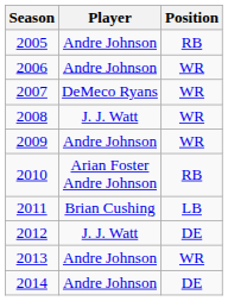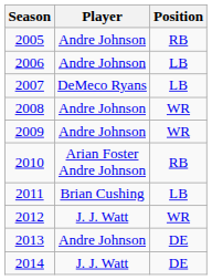 <table class="wikitable" style="text-align:center">
 <tr bgcolor="#efefef">
 <th>Season</th>
 <th>Player</th>
 <th>Position</th>
 </tr>
 <tr>
 <td><a href='#'>2005</a></td>
 <td><a href='#'>Andre Johnson</a></td>
 <td><a href='#'>RB</a></td>
 </tr>
 <tr>
 <td><a href='#'>2006</a></td>
 <td><a href='#'>Andre Johnson</a></td>
-<td><a href='#'>WR</a></td>
+<td><a href='#'>LB</a></td>
 </tr>
 <tr>
 <td><a href='#'>2007</a></td>
 <td><a href='#'>DeMeco Ryans</a></td>
-<td><a href='#'>WR</a></td>
+<td><a href='#'>LB</a></td>
 </tr>
 <tr>
 <td><a href='#'>2008</a></td>
-<td><a href='#'>J. J. Watt</a></td>
+<td><a href='#'>Andre Johnson</a></td>
 <td><a href='#'>WR</a></td>
 </tr>
 <tr>
 <td><a href='#'>2009</a></td>
 <td><a href='#'>Andre Johnson</a></td>
 <td><a href='#'>WR</a></td>
 </tr>
 <tr>
 <td><a href='#'>2010</a></td>
 <td><a href='#'>Arian Foster</a><br><a href='#'>Andre Johnson</a></td>
 <td><a href='#'>RB</a></td>
 </tr>
 <tr>
 <td><a href='#'>2011</a></td>
 <td><a href='#'>Brian Cushing</a></td>
 <td><a href='#'>LB</a></td>
 </tr>
 <tr>
 <td><a href='#'>2012</a></td>
 <td><a href='#'>J. J. Watt</a></td>
-<td><a href='#'>DE</a></td>
+<td><a href='#'>WR</a></td>
 </tr>
 <tr>
 <td><a href='#'>2013</a></td>
 <td><a href='#'>Andre Johnson</a></td>
-<td><a href='#'>WR</a></td>
+<td><a href='#'>DE</a></td>
 </tr>
 <tr>
 <td><a href='#'>2014</a></td>
-<td><a href='#'>Andre Johnson</a></td>
+<td><a href='#'>J. J. Watt</a></td>
 <td><a href='#'>DE</a></td>
 </tr>
 </table>
